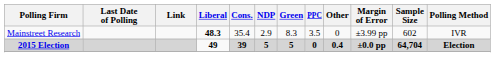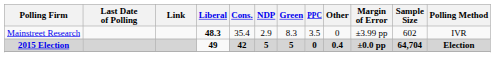 <table class="wikitable sortable" style="text-align:center;font-size:90%;line-height:14px;">
 <tr style="background:#e9e9e9;">
 <th style="width:120px">Polling Firm</th>
 <th style="width:110px">Last Date<br>of Polling</th>
 <th style="width:60px" class="unsortable">Link</th>
 <th style="background-color:"><strong><a href='#'>Liberal</a></strong></th>
 <th style="background-color:"><strong><a href='#'>Cons.</a></strong></th>
 <th style="background-color:"><strong><a href='#'>NDP</a></strong></th>
 <th style="background-color:"><strong><a href='#'>Green</a></strong></th>
 <th style="background-color:"><strong><small><a href='#'>PPC</a></small></strong></th>
 <th style="background-color:"><strong>Other</strong></th>
 <th style="width:60px;" class=unsortable>Margin<br>of Error</th>
 <th style="width:50px;" class=unsortable>Sample<br>Size</th>
 <th class=unsortable>Polling Method</th>
 </tr>
 <tr>
 <td><a href='#'>Mainstreet Research</a></td>
 <td></td>
 <td></td>
 <td><strong>48.3</strong></td>
 <td>35.4</td>
 <td>2.9</td>
 <td>8.3</td>
 <td>3.5</td>
 <td>0</td>
 <td>±3.99 pp</td>
 <td>602</td>
 <td>IVR</td>
 </tr>
 <tr>
 <td style="background:#D5D5D5"><strong><a href='#'>2015 Election</a></strong></td>
 <td style="background:#D5D5D5"><strong></strong></td>
 <td style="background:#D5D5D5"></td>
 <td><strong>49</strong></td>
-<td style="background:#D5D5D5"><strong>39</strong></td>
+<td style="background:#D5D5D5"><strong>42</strong></td>
 <td style="background:#D5D5D5"><strong>5</strong></td>
 <td style="background:#D5D5D5"><strong>5</strong></td>
 <td style="background:#D5D5D5"><strong>0</strong></td>
 <td style="background:#D5D5D5"><strong>0.4</strong></td>
 <td style="background:#D5D5D5"><strong>±0.0 pp</strong></td>
 <td style="background:#D5D5D5"><strong>64,704</strong></td>
 <td style="background:#D5D5D5"><strong>Election</strong></td>
 </tr>
 <tr>
 </tr>
 <tr>
 </tr>
 </table>
